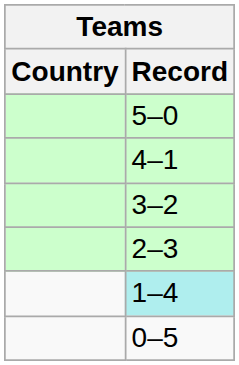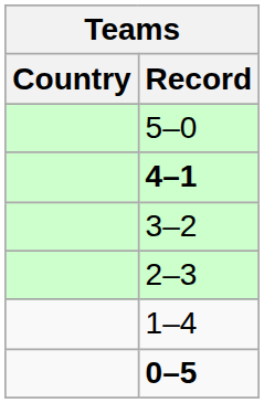 <table class="wikitable">
 <tr>
 <th colspan="4">Teams</th>
 </tr>
 <tr>
 <th>Country</th>
 <th>Record</th>
 </tr>
 <tr bgcolor="ccffcc">
 <td><strong></strong></td>
 <td>5–0</td>
 </tr>
 <tr bgcolor="ccffcc">
 <td><strong></strong></td>
-<td>4–1</td>
+<td><strong>4–1</strong></td>
 </tr>
 <tr bgcolor="ccffcc">
 <td><strong></strong></td>
 <td>3–2</td>
 </tr>
 <tr bgcolor="ccffcc">
 <td><strong></strong></td>
 <td>2–3</td>
 </tr>
 <tr>
 <td><strong></strong></td>
-<td style="background: paleturquoise;">1–4</td>
+<td>1–4</td>
 </tr>
 <tr>
 <td><strong></strong></td>
-<td>0–5</td>
+<td><strong>0–5</strong></td>
 </tr>
 </table>
